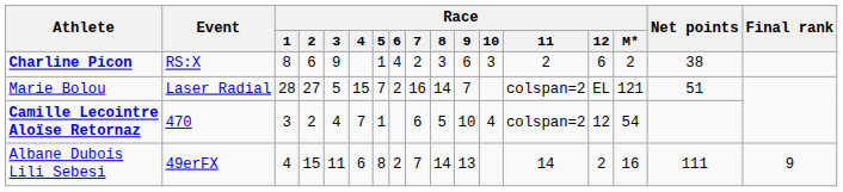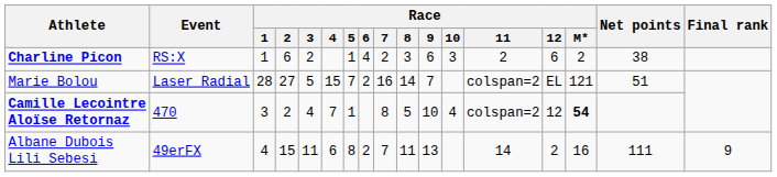 <table class="wikitable" style="font-size:90%">
 <tr>
 <th rowspan="2">Athlete</th>
 <th rowspan="2">Event</th>
 <th colspan=13>Race</th>
 <th rowspan=2>Net points</th>
 <th rowspan=2>Final rank</th>
 </tr>
 <tr style="font-size:95%">
 <th>1</th>
 <th>2</th>
 <th>3</th>
 <th>4</th>
 <th>5</th>
 <th>6</th>
 <th>7</th>
 <th>8</th>
 <th>9</th>
 <th>10</th>
 <th>11</th>
 <th>12</th>
 <th>M*</th>
 </tr>
 <tr align=center>
 <td align=left><strong><a href='#'>Charline Picon</a></strong></td>
 <td align=left><a href='#'>RS:X</a></td>
-<td>8</td>
+<td>1</td>
 <td>6</td>
-<td>9</td>
+<td>2</td>
 <td></td>
 <td>1</td>
 <td>4</td>
 <td>2</td>
 <td>3</td>
 <td>6</td>
 <td>3</td>
 <td>2</td>
 <td>6</td>
 <td>2</td>
 <td>38</td>
 <td></td>
 </tr>
 <tr align=center>
 <td align=left><a href='#'>Marie Bolou</a></td>
 <td align=left><a href='#'>Laser Radial</a></td>
 <td>28</td>
 <td>27</td>
 <td>5</td>
 <td>15</td>
 <td>7</td>
 <td>2</td>
 <td>16</td>
 <td>14</td>
 <td>7</td>
 <td></td>
 <td>colspan=2 </td>
 <td>EL</td>
 <td>121</td>
 <td>51</td>
 </tr>
 <tr align=center>
 <td align=left><strong><a href='#'>Camille Lecointre</a><br><a href='#'>Aloïse Retornaz</a></strong></td>
 <td align=left><a href='#'>470</a></td>
 <td>3</td>
 <td>2</td>
 <td>4</td>
 <td>7</td>
 <td>1</td>
 <td></td>
-<td>6</td>
+<td>8</td>
 <td>5</td>
 <td>10</td>
 <td>4</td>
 <td>colspan=2 </td>
 <td>12</td>
-<td>54</td>
+<td><strong>54</strong></td>
 <td></td>
 </tr>
 <tr align=center>
 <td align=left><a href='#'>Albane Dubois</a><br><a href='#'>Lili Sebesi</a></td>
 <td align=left><a href='#'>49erFX</a></td>
 <td>4</td>
 <td>15</td>
 <td>11</td>
 <td>6</td>
 <td>8</td>
 <td>2</td>
 <td>7</td>
-<td>14</td>
+<td>11</td>
 <td>13</td>
 <td></td>
 <td>14</td>
 <td>2</td>
 <td>16</td>
 <td>111</td>
 <td>9</td>
 </tr>
 </table>
